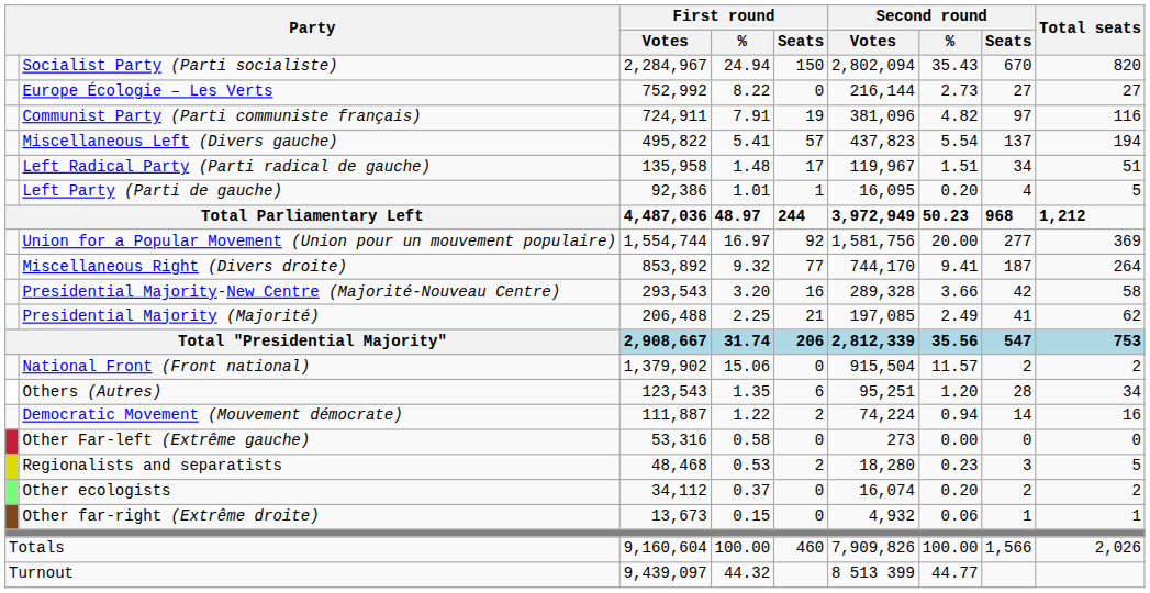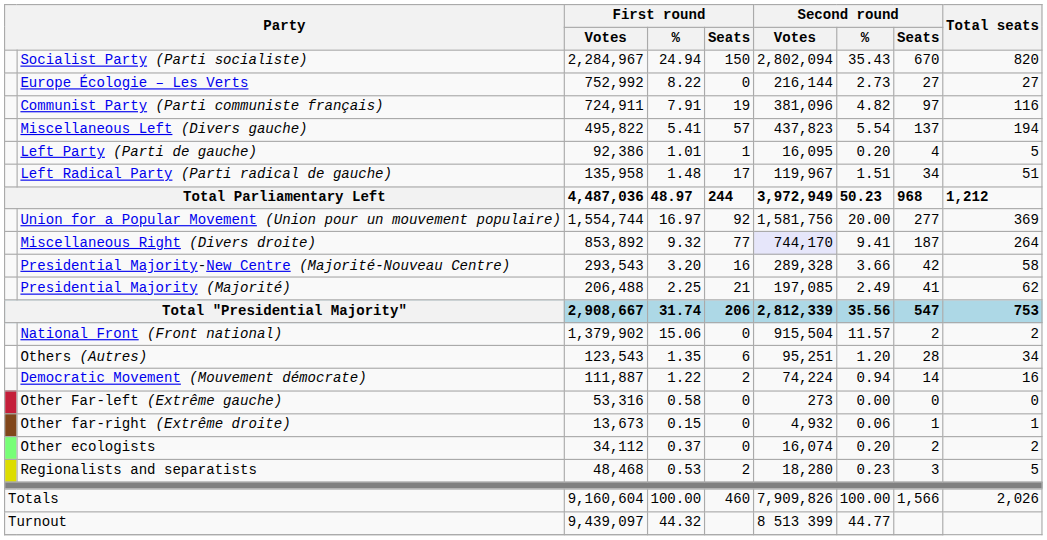 <table class="wikitable" style="font-size: 95%;">
 <tr>
 <th rowspan="2" colspan="2">Party</th>
 <th colspan="3">First round</th>
 <th colspan="3">Second round</th>
 <th rowspan="2">Total seats</th>
 </tr>
 <tr style="background-color:#E9E9E9">
 <th>Votes</th>
 <th>%</th>
 <th>Seats</th>
 <th>Votes</th>
 <th>%</th>
 <th>Seats</th>
 </tr>
 <tr align="right">
 <td width="5" style="color:inherit;background:"></td>
 <td align="left"><a href='#'>Socialist Party</a> <em>(Parti socialiste)</em></td>
 <td>2,284,967</td>
 <td>24.94</td>
 <td>150</td>
 <td>2,802,094</td>
 <td>35.43</td>
 <td>670</td>
 <td>820</td>
 </tr>
 <tr align="right">
 <td style="color:inherit;background:"></td>
 <td align="left"><a href='#'>Europe Écologie – Les Verts</a></td>
 <td>752,992</td>
 <td>8.22</td>
 <td>0</td>
 <td>216,144</td>
 <td>2.73</td>
 <td>27</td>
 <td>27</td>
 </tr>
 <tr align="right">
 <td style="color:inherit;background:"></td>
 <td align="left"><a href='#'>Communist Party</a><em> (Parti communiste français)</em></td>
 <td>724,911</td>
 <td>7.91</td>
 <td>19</td>
 <td>381,096</td>
 <td>4.82</td>
 <td>97</td>
 <td>116</td>
 </tr>
 <tr align="right">
 <td style="color:inherit;background:"></td>
 <td align="left"><a href='#'>Miscellaneous Left</a> <em>(Divers gauche)</em></td>
 <td>495,822</td>
 <td>5.41</td>
 <td>57</td>
 <td>437,823</td>
 <td>5.54</td>
 <td>137</td>
 <td>194</td>
 </tr>
 <tr align="right">
 <td style="color:inherit;background:"></td>
+<td align="left"><a href='#'>Left Party</a> <em>(Parti de gauche)</em></td>
+<td>92,386</td>
+<td>1.01</td>
+<td>1</td>
+<td>16,095</td>
+<td>0.20</td>
+<td>4</td>
+<td>5</td>
+</tr>
+<tr align="right">
+<td style="color:inherit;background:"></td>
 <td align="left"><a href='#'>Left Radical Party</a> <em>(Parti radical de gauche)</em></td>
 <td>135,958</td>
 <td>1.48</td>
 <td>17</td>
 <td>119,967</td>
 <td>1.51</td>
 <td>34</td>
 <td>51</td>
-</tr>
-<tr align="right">
-<td style="color:inherit;background:"></td>
-<td align="left"><a href='#'>Left Party</a> <em>(Parti de gauche)</em></td>
-<td>92,386</td>
-<td>1.01</td>
-<td>1</td>
-<td>16,095</td>
-<td>0.20</td>
-<td>4</td>
-<td>5</td>
 </tr>
 <tr>
 <th align="left" colspan="2">Total Parliamentary Left</th>
 <td><strong>4,487,036</strong></td>
 <td><strong>48.97</strong></td>
 <td><strong>244</strong></td>
 <td><strong>3,972,949</strong></td>
 <td><strong>50.23</strong></td>
 <td><strong>968</strong></td>
 <td><strong>1,212</strong></td>
 </tr>
 <tr align="right">
 <td style="color:inherit;background:"></td>
 <td align="left"><a href='#'>Union for a Popular Movement</a> <em>(Union pour un mouvement populaire)</em></td>
 <td>1,554,744</td>
 <td>16.97</td>
 <td>92</td>
 <td>1,581,756</td>
 <td>20.00</td>
 <td>277</td>
 <td>369</td>
 </tr>
 <tr align="right">
 <td style="color:inherit;background:"></td>
 <td align="left"><a href='#'>Miscellaneous Right</a> <em>(Divers droite)</em></td>
 <td>853,892</td>
 <td>9.32</td>
 <td>77</td>
-<td>744,170</td>
+<td style="background: lavender;">744,170</td>
 <td>9.41</td>
 <td>187</td>
 <td>264</td>
 </tr>
 <tr align="right">
 <td style="color:inherit;background:"></td>
 <td align="left"><a href='#'>Presidential Majority</a>-<a href='#'>New Centre</a> <em>(Majorité-Nouveau Centre)</em></td>
 <td>293,543</td>
 <td>3.20</td>
 <td>16</td>
 <td>289,328</td>
 <td>3.66</td>
 <td>42</td>
 <td>58</td>
 </tr>
 <tr align="right">
 <td style="color:inherit;background:"></td>
 <td align="left"><a href='#'>Presidential Majority</a> <em>(Majorité)</em></td>
 <td>206,488</td>
 <td>2.25</td>
 <td>21</td>
 <td>197,085</td>
 <td>2.49</td>
 <td>41</td>
 <td>62</td>
 </tr>
 <tr align="right" bgcolor="lightblue">
 <th colspan="2" align="left">Total "Presidential Majority"</th>
 <td><strong>2,908,667</strong></td>
 <td><strong>31.74</strong></td>
 <td><strong>206</strong></td>
 <td><strong>2,812,339</strong></td>
 <td><strong>35.56</strong></td>
 <td><strong>547</strong></td>
 <td><strong>753</strong></td>
 </tr>
 <tr align="right">
 <td style="color:inherit;background:"></td>
 <td align="left"><a href='#'>National Front</a> <em>(Front national)</em></td>
 <td>1,379,902</td>
 <td>15.06</td>
 <td>0</td>
 <td>915,504</td>
 <td>11.57</td>
 <td>2</td>
 <td>2</td>
 </tr>
 <tr align="right">
 <td bgcolor="white"></td>
 <td align="left">Others <em>(Autres)</em></td>
 <td>123,543</td>
 <td>1.35</td>
 <td>6</td>
 <td>95,251</td>
 <td>1.20</td>
 <td>28</td>
 <td>34</td>
 </tr>
 <tr align="right">
 <td style="color:inherit;background:"></td>
 <td align="left"><a href='#'>Democratic Movement</a> <em>(Mouvement démocrate)</em></td>
 <td>111,887</td>
 <td>1.22</td>
 <td>2</td>
 <td>74,224</td>
 <td>0.94</td>
 <td>14</td>
 <td>16</td>
 </tr>
 <tr align="right">
 <td style="color:inherit;background:#C41E3A"></td>
 <td align="left">Other Far-left <em>(Extrême gauche)</em></td>
 <td>53,316</td>
 <td>0.58</td>
 <td>0</td>
 <td>273</td>
 <td>0.00</td>
 <td>0</td>
 <td>0</td>
 </tr>
 <tr align="right">
-<td style="color:inherit;background:#dddd00"></td>
-<td align=left>Regionalists and separatists</td>
-<td>48,468</td>
-<td>0.53</td>
-<td>2</td>
-<td>18,280</td>
-<td>0.23</td>
-<td>3</td>
-<td>5</td>
+<td style="color:inherit;background:#80461B"></td>
+<td align=left>Other far-right <em>(Extrême droite)</em></td>
+<td>13,673</td>
+<td>0.15</td>
+<td>0</td>
+<td>4,932</td>
+<td>0.06</td>
+<td>1</td>
+<td>1</td>
 </tr>
 <tr align="right">
 <td style="color:inherit;background:#77ff77"></td>
 <td align=left>Other ecologists</td>
 <td>34,112</td>
 <td>0.37</td>
 <td>0</td>
 <td>16,074</td>
 <td>0.20</td>
 <td>2</td>
 <td>2</td>
 </tr>
 <tr align="right">
-<td style="color:inherit;background:#80461B"></td>
-<td align=left>Other far-right <em>(Extrême droite)</em></td>
-<td>13,673</td>
-<td>0.15</td>
-<td>0</td>
-<td>4,932</td>
-<td>0.06</td>
-<td>1</td>
-<td>1</td>
+<td style="color:inherit;background:#dddd00"></td>
+<td align=left>Regionalists and separatists</td>
+<td>48,468</td>
+<td>0.53</td>
+<td>2</td>
+<td>18,280</td>
+<td>0.23</td>
+<td>3</td>
+<td>5</td>
 </tr>
 <tr>
 <td colspan="9" bgcolor="grey"></td>
 </tr>
 <tr align="right">
 <td colspan="2" align="left">Totals</td>
 <td>9,160,604</td>
 <td>100.00</td>
 <td>460</td>
 <td>7,909,826</td>
 <td>100.00</td>
 <td>1,566</td>
 <td>2,026</td>
 </tr>
 <tr align="right">
 <td colspan="2" align="left">Turnout</td>
 <td>9,439,097</td>
 <td>44.32</td>
 <td></td>
 <td>8 513 399</td>
 <td>44.77</td>
 <td></td>
 </tr>
 <tr>
 </tr>
 </table>
